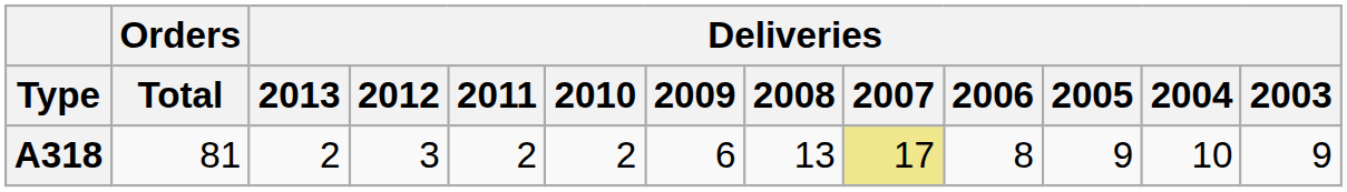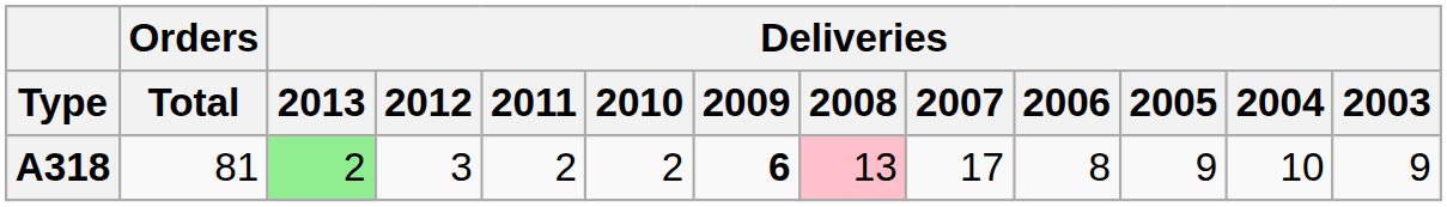 <table class="wikitable" border="1" style="text-align:right; font-size:96%">
 <tr>
 <th></th>
 <th>Orders</th>
 <th colspan="11">Deliveries</th>
 </tr>
 <tr>
 <th>Type</th>
 <th>Total</th>
 <th>2013</th>
 <th>2012</th>
 <th>2011</th>
 <th>2010</th>
 <th>2009</th>
 <th>2008</th>
 <th>2007</th>
 <th>2006</th>
 <th>2005</th>
 <th>2004</th>
 <th>2003</th>
 </tr>
 <tr>
 <th>A318</th>
 <td>81</td>
-<td>2</td>
+<td style="background: lightgreen;">2</td>
 <td>3</td>
 <td>2</td>
 <td>2</td>
-<td>6</td>
-<td>13</td>
-<td style="background: khaki;">17</td>
+<td><strong>6</strong></td>
+<td style="background: pink;">13</td>
+<td>17</td>
 <td>8</td>
 <td>9</td>
 <td>10</td>
 <td>9</td>
 </tr>
 </table>
